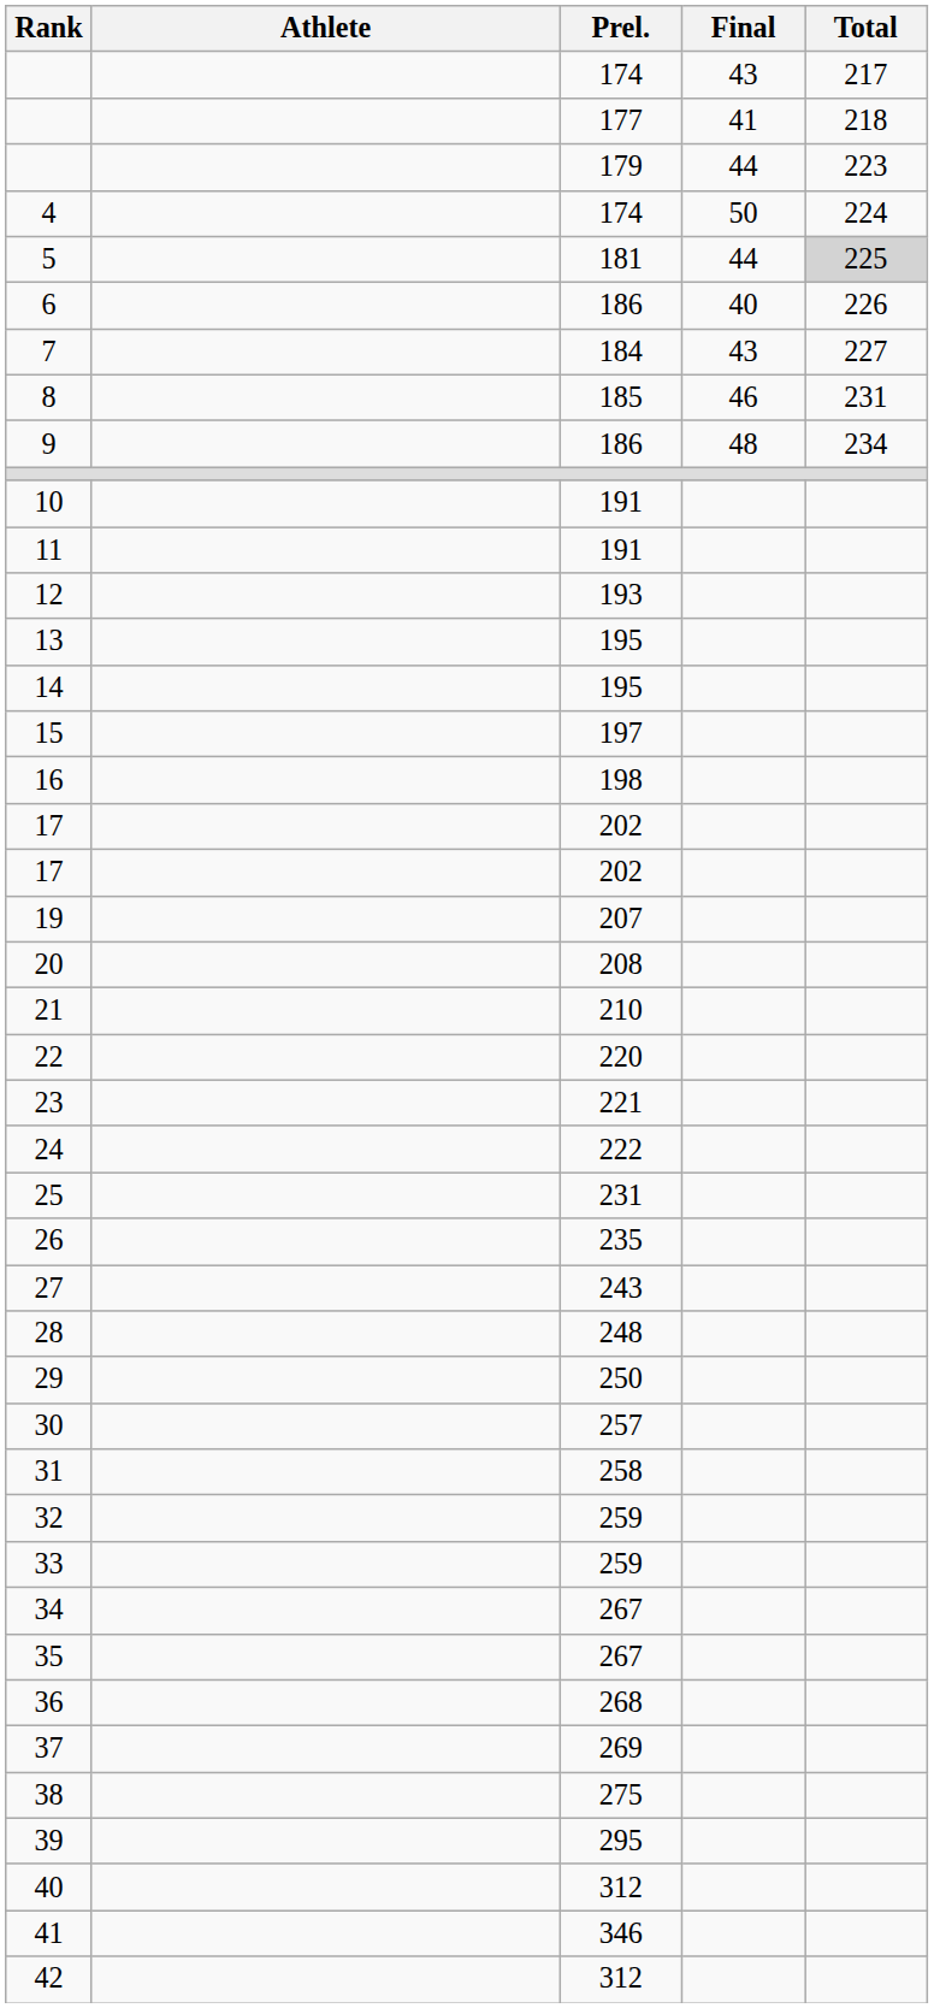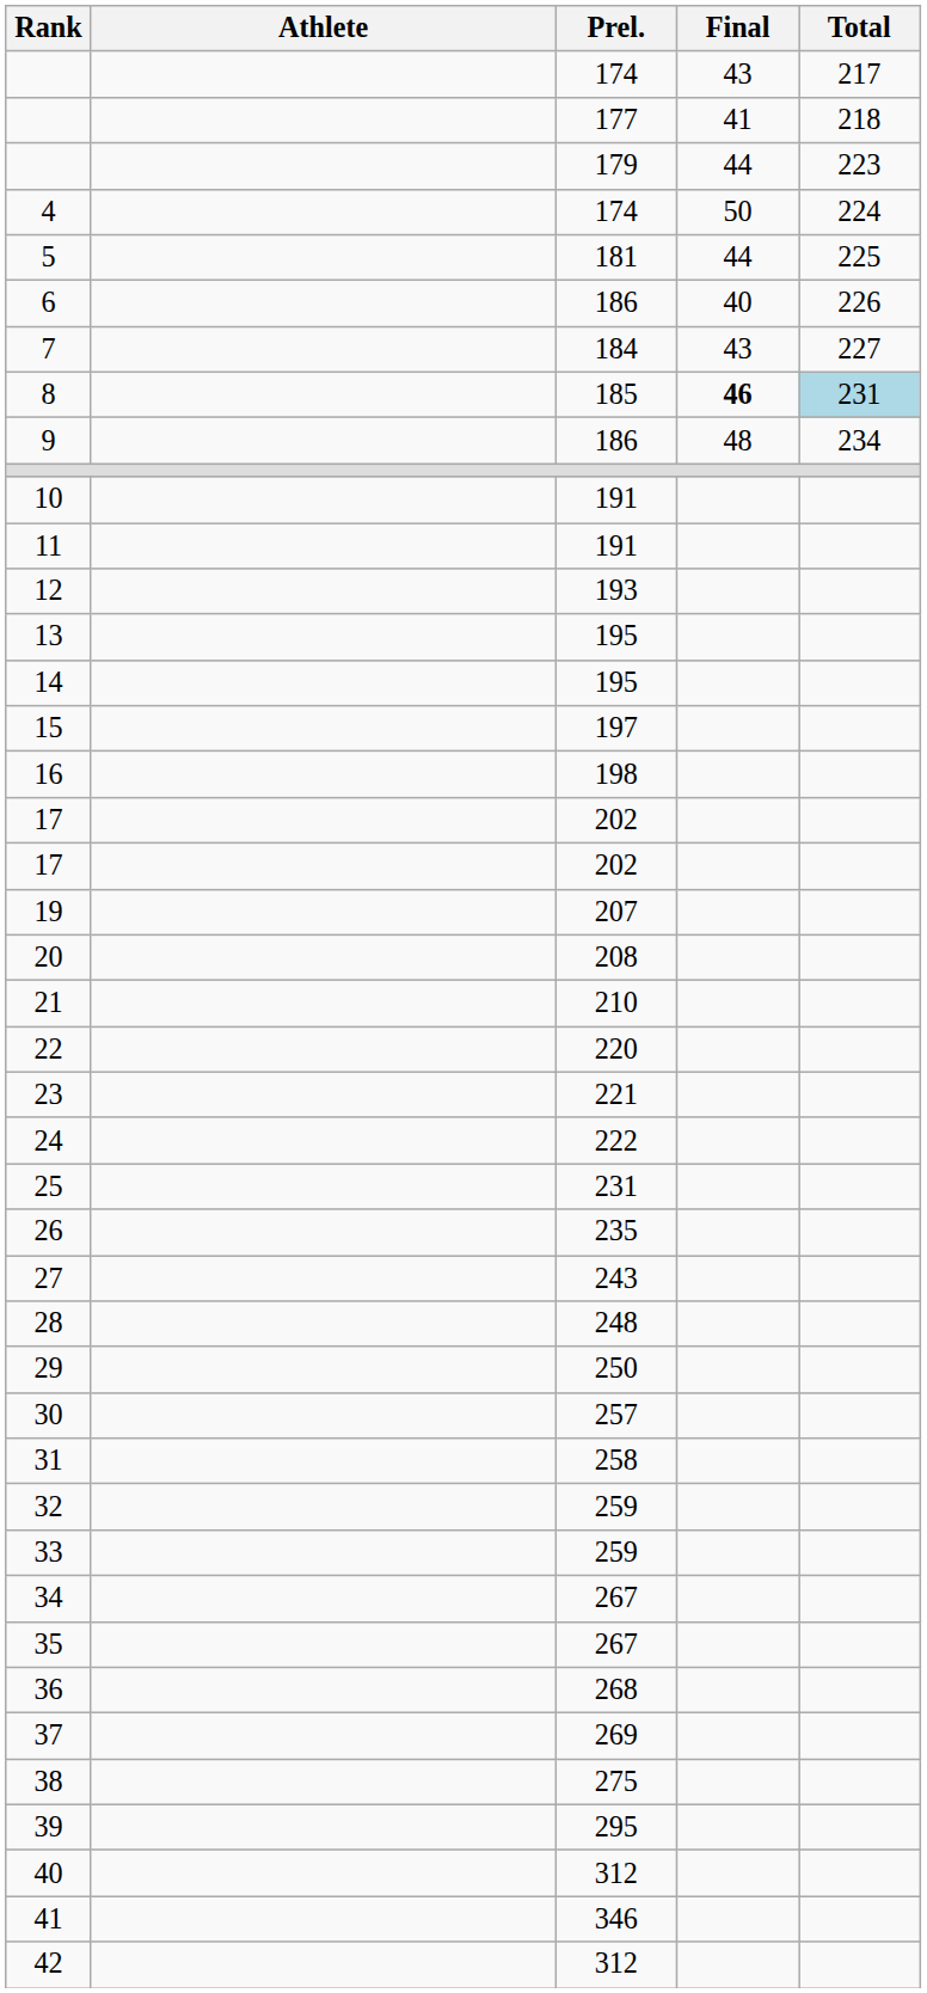 <table class=wikitable style="text-align:center">
 <tr>
 <th width=40>Rank</th>
 <th width=250>Athlete</th>
 <th width=60>Prel.</th>
 <th width=60>Final</th>
 <th width=60>Total</th>
 </tr>
 <tr>
 <td></td>
 <td align=left></td>
 <td>174</td>
 <td>43</td>
 <td>217</td>
 </tr>
 <tr>
 <td></td>
 <td align=left></td>
 <td>177</td>
 <td>41</td>
 <td>218</td>
 </tr>
 <tr>
 <td></td>
 <td align=left></td>
 <td>179</td>
 <td>44</td>
 <td>223</td>
 </tr>
 <tr>
 <td>4</td>
 <td align=left></td>
 <td>174</td>
 <td>50</td>
 <td>224</td>
 </tr>
 <tr>
 <td>5</td>
 <td align=left></td>
 <td>181</td>
 <td>44</td>
-<td style="background: lightgrey;">225</td>
+<td>225</td>
 </tr>
 <tr>
 <td>6</td>
 <td align=left></td>
 <td>186</td>
 <td>40</td>
 <td>226</td>
 </tr>
 <tr>
 <td>7</td>
 <td align=left></td>
 <td>184</td>
 <td>43</td>
 <td>227</td>
 </tr>
 <tr>
 <td>8</td>
 <td align=left></td>
 <td>185</td>
-<td>46</td>
-<td>231</td>
+<td><strong>46</strong></td>
+<td style="background: lightblue;">231</td>
 </tr>
 <tr>
 <td>9</td>
 <td align=left></td>
 <td>186</td>
 <td>48</td>
 <td>234</td>
 </tr>
 <tr bgcolor=#DDDDDD>
 <td colspan=5></td>
 </tr>
 <tr>
 <td>10</td>
 <td align=left></td>
 <td>191</td>
 <td></td>
 <td></td>
 </tr>
 <tr>
 <td>11</td>
 <td align=left></td>
 <td>191</td>
 <td></td>
 <td></td>
 </tr>
 <tr>
 <td>12</td>
 <td align=left></td>
 <td>193</td>
 <td></td>
 <td></td>
 </tr>
 <tr>
 <td>13</td>
 <td align=left></td>
 <td>195</td>
 <td></td>
 <td></td>
 </tr>
 <tr>
 <td>14</td>
 <td align=left></td>
 <td>195</td>
 <td></td>
 <td></td>
 </tr>
 <tr>
 <td>15</td>
 <td align=left></td>
 <td>197</td>
 <td></td>
 <td></td>
 </tr>
 <tr>
 <td>16</td>
 <td align=left></td>
 <td>198</td>
 <td></td>
 <td></td>
 </tr>
 <tr>
 <td>17</td>
 <td align=left></td>
 <td>202</td>
 <td></td>
 <td></td>
 </tr>
 <tr>
 <td>17</td>
 <td align=left></td>
 <td>202</td>
 <td></td>
 <td></td>
 </tr>
 <tr>
 <td>19</td>
 <td align=left></td>
 <td>207</td>
 <td></td>
 <td></td>
 </tr>
 <tr>
 <td>20</td>
 <td align=left></td>
 <td>208</td>
 <td></td>
 <td></td>
 </tr>
 <tr>
 <td>21</td>
 <td align=left></td>
 <td>210</td>
 <td></td>
 <td></td>
 </tr>
 <tr>
 <td>22</td>
 <td align=left></td>
 <td>220</td>
 <td></td>
 <td></td>
 </tr>
 <tr>
 <td>23</td>
 <td align=left></td>
 <td>221</td>
 <td></td>
 <td></td>
 </tr>
 <tr>
 <td>24</td>
 <td align=left></td>
 <td>222</td>
 <td></td>
 <td></td>
 </tr>
 <tr>
 <td>25</td>
 <td align=left></td>
 <td>231</td>
 <td></td>
 <td></td>
 </tr>
 <tr>
 <td>26</td>
 <td align=left></td>
 <td>235</td>
 <td></td>
 <td></td>
 </tr>
 <tr>
 <td>27</td>
 <td align=left></td>
 <td>243</td>
 <td></td>
 <td></td>
 </tr>
 <tr>
 <td>28</td>
 <td align=left></td>
 <td>248</td>
 <td></td>
 <td></td>
 </tr>
 <tr>
 <td>29</td>
 <td align=left></td>
 <td>250</td>
 <td></td>
 <td></td>
 </tr>
 <tr>
 <td>30</td>
 <td align=left></td>
 <td>257</td>
 <td></td>
 <td></td>
 </tr>
 <tr>
 <td>31</td>
 <td align=left></td>
 <td>258</td>
 <td></td>
 <td></td>
 </tr>
 <tr>
 <td>32</td>
 <td align=left></td>
 <td>259</td>
 <td></td>
 <td></td>
 </tr>
 <tr>
 <td>33</td>
 <td align=left></td>
 <td>259</td>
 <td></td>
 <td></td>
 </tr>
 <tr>
 <td>34</td>
 <td align=left></td>
 <td>267</td>
 <td></td>
 <td></td>
 </tr>
 <tr>
 <td>35</td>
 <td align=left></td>
 <td>267</td>
 <td></td>
 <td></td>
 </tr>
 <tr>
 <td>36</td>
 <td align=left></td>
 <td>268</td>
 <td></td>
 <td></td>
 </tr>
 <tr>
 <td>37</td>
 <td align=left></td>
 <td>269</td>
 <td></td>
 <td></td>
 </tr>
 <tr>
 <td>38</td>
 <td align=left></td>
 <td>275</td>
 <td></td>
 <td></td>
 </tr>
 <tr>
 <td>39</td>
 <td align=left></td>
 <td>295</td>
 <td></td>
 <td></td>
 </tr>
 <tr>
 <td>40</td>
 <td align=left></td>
 <td>312</td>
 <td></td>
 <td></td>
 </tr>
 <tr>
 <td>41</td>
 <td align=left></td>
 <td>346</td>
 <td></td>
 <td></td>
 </tr>
 <tr>
 <td>42</td>
 <td align=left></td>
 <td>312</td>
 <td></td>
 <td></td>
 </tr>
 </table>
